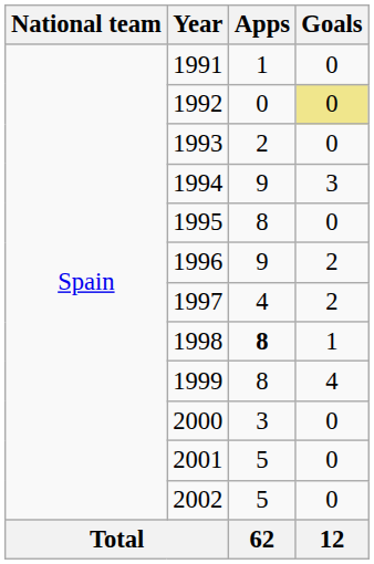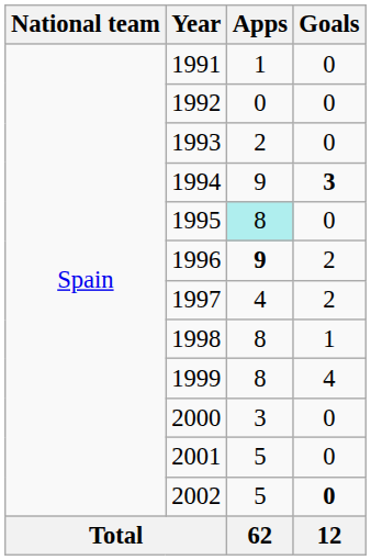 <table class="wikitable" style="text-align:center">
 <tr>
 <th>National team</th>
 <th>Year</th>
 <th>Apps</th>
 <th>Goals</th>
 </tr>
 <tr>
 <td rowspan="12"><a href='#'>Spain</a></td>
 <td>1991</td>
 <td>1</td>
 <td>0</td>
 </tr>
 <tr>
 <td>1992</td>
 <td>0</td>
-<td style="background: khaki;">0</td>
+<td>0</td>
 </tr>
 <tr>
 <td>1993</td>
 <td>2</td>
 <td>0</td>
 </tr>
 <tr>
 <td>1994</td>
 <td>9</td>
-<td>3</td>
+<td><strong>3</strong></td>
 </tr>
 <tr>
 <td>1995</td>
-<td>8</td>
+<td style="background: paleturquoise;">8</td>
 <td>0</td>
 </tr>
 <tr>
 <td>1996</td>
-<td>9</td>
+<td><strong>9</strong></td>
 <td>2</td>
 </tr>
 <tr>
 <td>1997</td>
 <td>4</td>
 <td>2</td>
 </tr>
 <tr>
 <td>1998</td>
-<td><strong>8</strong></td>
+<td>8</td>
 <td>1</td>
 </tr>
 <tr>
 <td>1999</td>
 <td>8</td>
 <td>4</td>
 </tr>
 <tr>
 <td>2000</td>
 <td>3</td>
 <td>0</td>
 </tr>
 <tr>
 <td>2001</td>
 <td>5</td>
 <td>0</td>
 </tr>
 <tr>
 <td>2002</td>
 <td>5</td>
-<td>0</td>
+<td><strong>0</strong></td>
 </tr>
 <tr>
 <th colspan="2">Total</th>
 <th>62</th>
 <th>12</th>
 </tr>
 </table>
